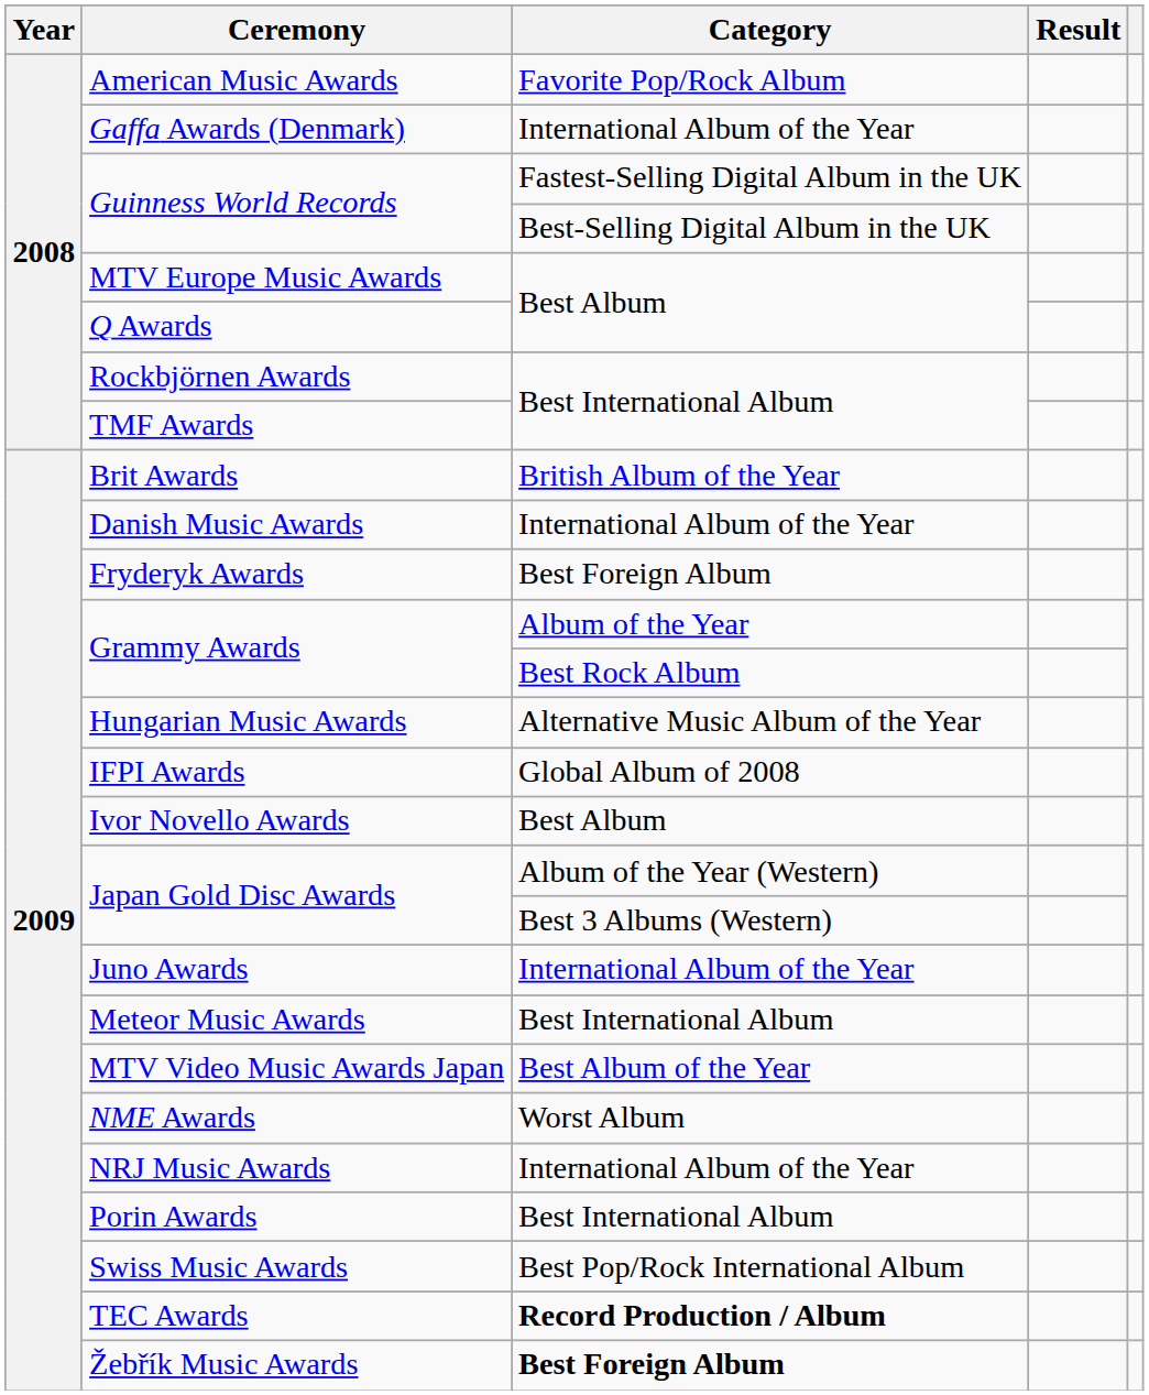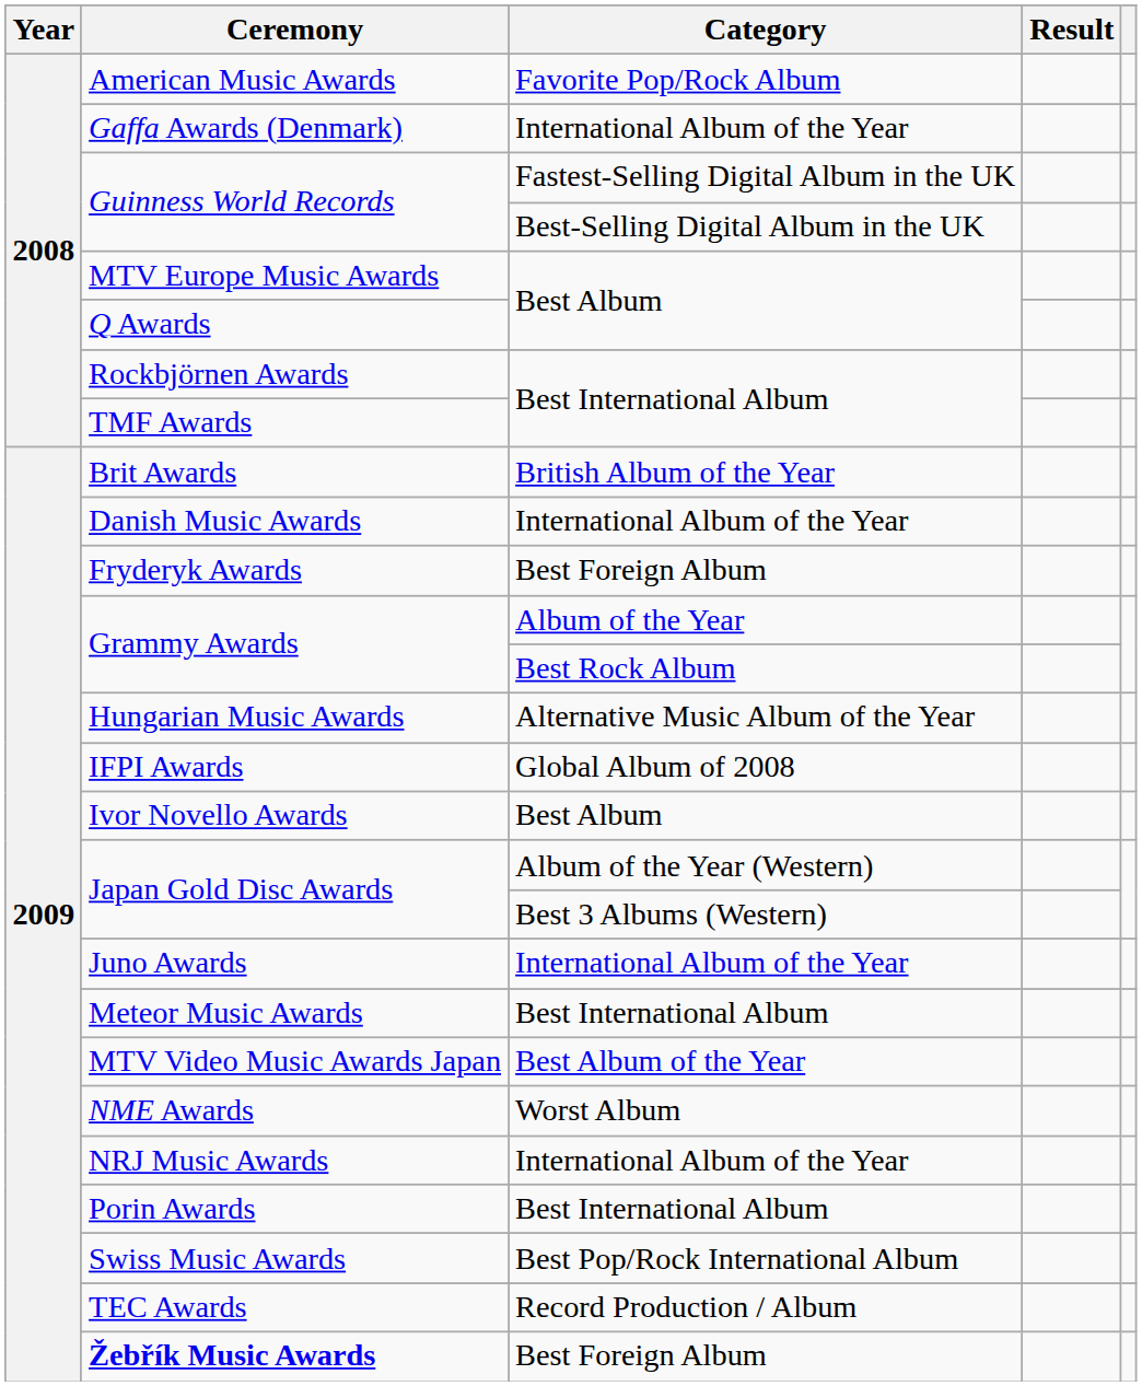 <table class="wikitable sortable plainrowheaders">
 <tr>
 <th scope="col">Year</th>
 <th scope="col">Ceremony</th>
 <th scope="col">Category</th>
 <th scope="col">Result</th>
 <th scope="col" class="unsortable"></th>
 </tr>
 <tr>
 <th rowspan="8" scope="row" style="text-align:center;">2008</th>
 <td><a href='#'>American Music Awards</a></td>
 <td><a href='#'>Favorite Pop/Rock Album</a></td>
 <td></td>
 <td style="text-align:center;"></td>
 </tr>
 <tr>
 <td><a href='#'><em>Gaffa</em> Awards (Denmark)</a></td>
 <td>International Album of the Year</td>
 <td></td>
 <td style="text-align:center;"></td>
 </tr>
 <tr>
 <td rowspan="2"><em><a href='#'>Guinness World Records</a></em></td>
 <td>Fastest-Selling Digital Album in the UK</td>
 <td></td>
 <td style="text-align:center;"></td>
 </tr>
 <tr>
 <td>Best-Selling Digital Album in the UK</td>
 <td></td>
 <td style="text-align:center;"></td>
 </tr>
 <tr>
 <td><a href='#'>MTV Europe Music Awards</a></td>
 <td rowspan="2">Best Album</td>
 <td></td>
 <td style="text-align:center;"></td>
 </tr>
 <tr>
 <td><a href='#'><em>Q</em> Awards</a></td>
 <td></td>
 <td style="text-align:center;"></td>
 </tr>
 <tr>
 <td><a href='#'>Rockbjörnen Awards</a></td>
 <td rowspan="2">Best International Album</td>
 <td></td>
 <td style="text-align:center;"></td>
 </tr>
 <tr>
 <td><a href='#'>TMF Awards</a></td>
 <td></td>
 <td style="text-align:center;"></td>
 </tr>
 <tr>
 <th rowspan="19" scope="row" style="text-align:center;">2009</th>
 <td><a href='#'>Brit Awards</a></td>
 <td><a href='#'>British Album of the Year</a></td>
 <td></td>
 <td style="text-align:center;"></td>
 </tr>
 <tr>
 <td><a href='#'>Danish Music Awards</a></td>
 <td>International Album of the Year</td>
 <td></td>
 <td style="text-align:center;"></td>
 </tr>
 <tr>
 <td><a href='#'>Fryderyk Awards</a></td>
 <td>Best Foreign Album</td>
 <td></td>
 <td style="text-align:center;"></td>
 </tr>
 <tr>
 <td rowspan="2"><a href='#'>Grammy Awards</a></td>
 <td><a href='#'>Album of the Year</a></td>
 <td></td>
 <td rowspan="2" style="text-align:center;"></td>
 </tr>
 <tr>
 <td><a href='#'>Best Rock Album</a></td>
 <td></td>
 </tr>
 <tr>
 <td><a href='#'>Hungarian Music Awards</a></td>
 <td>Alternative Music Album of the Year</td>
 <td></td>
 <td style="text-align:center;"></td>
 </tr>
 <tr>
 <td><a href='#'>IFPI Awards</a></td>
 <td>Global Album of 2008</td>
 <td></td>
 <td style="text-align:center;"></td>
 </tr>
 <tr>
 <td><a href='#'>Ivor Novello Awards</a></td>
 <td>Best Album</td>
 <td></td>
 <td style="text-align:center;"></td>
 </tr>
 <tr>
 <td rowspan="2"><a href='#'>Japan Gold Disc Awards</a></td>
 <td>Album of the Year (Western)</td>
 <td></td>
 <td rowspan="2" style="text-align:center;"></td>
 </tr>
 <tr>
 <td>Best 3 Albums (Western)</td>
 <td></td>
 </tr>
 <tr>
 <td><a href='#'>Juno Awards</a></td>
 <td><a href='#'>International Album of the Year</a></td>
 <td></td>
 <td style="text-align:center;"></td>
 </tr>
 <tr>
 <td><a href='#'>Meteor Music Awards</a></td>
 <td>Best International Album</td>
 <td></td>
 <td style="text-align:center;"></td>
 </tr>
 <tr>
 <td><a href='#'>MTV Video Music Awards Japan</a></td>
 <td><a href='#'>Best Album of the Year</a></td>
 <td></td>
 <td style="text-align:center;"></td>
 </tr>
 <tr>
 <td><a href='#'><em>NME</em> Awards</a></td>
 <td>Worst Album</td>
 <td></td>
 <td style="text-align:center;"></td>
 </tr>
 <tr>
 <td><a href='#'>NRJ Music Awards</a></td>
 <td>International Album of the Year</td>
 <td></td>
 <td style="text-align:center;"></td>
 </tr>
 <tr>
 <td><a href='#'>Porin Awards</a></td>
 <td>Best International Album</td>
 <td></td>
 <td style="text-align:center;"></td>
 </tr>
 <tr>
 <td><a href='#'>Swiss Music Awards</a></td>
 <td>Best Pop/Rock International Album</td>
 <td></td>
 <td style="text-align:center;"></td>
 </tr>
 <tr>
 <td><a href='#'>TEC Awards</a></td>
-<td><strong>Record Production / Album</strong></td>
+<td>Record Production / Album</td>
 <td></td>
 <td style="text-align:center;"></td>
 </tr>
 <tr>
-<td><a href='#'>Žebřík Music Awards</a></td>
-<td><strong>Best Foreign Album</strong></td>
+<td><strong><a href='#'>Žebřík Music Awards</a></strong></td>
+<td>Best Foreign Album</td>
 <td></td>
 <td style="text-align:center;"></td>
 </tr>
 </table>
